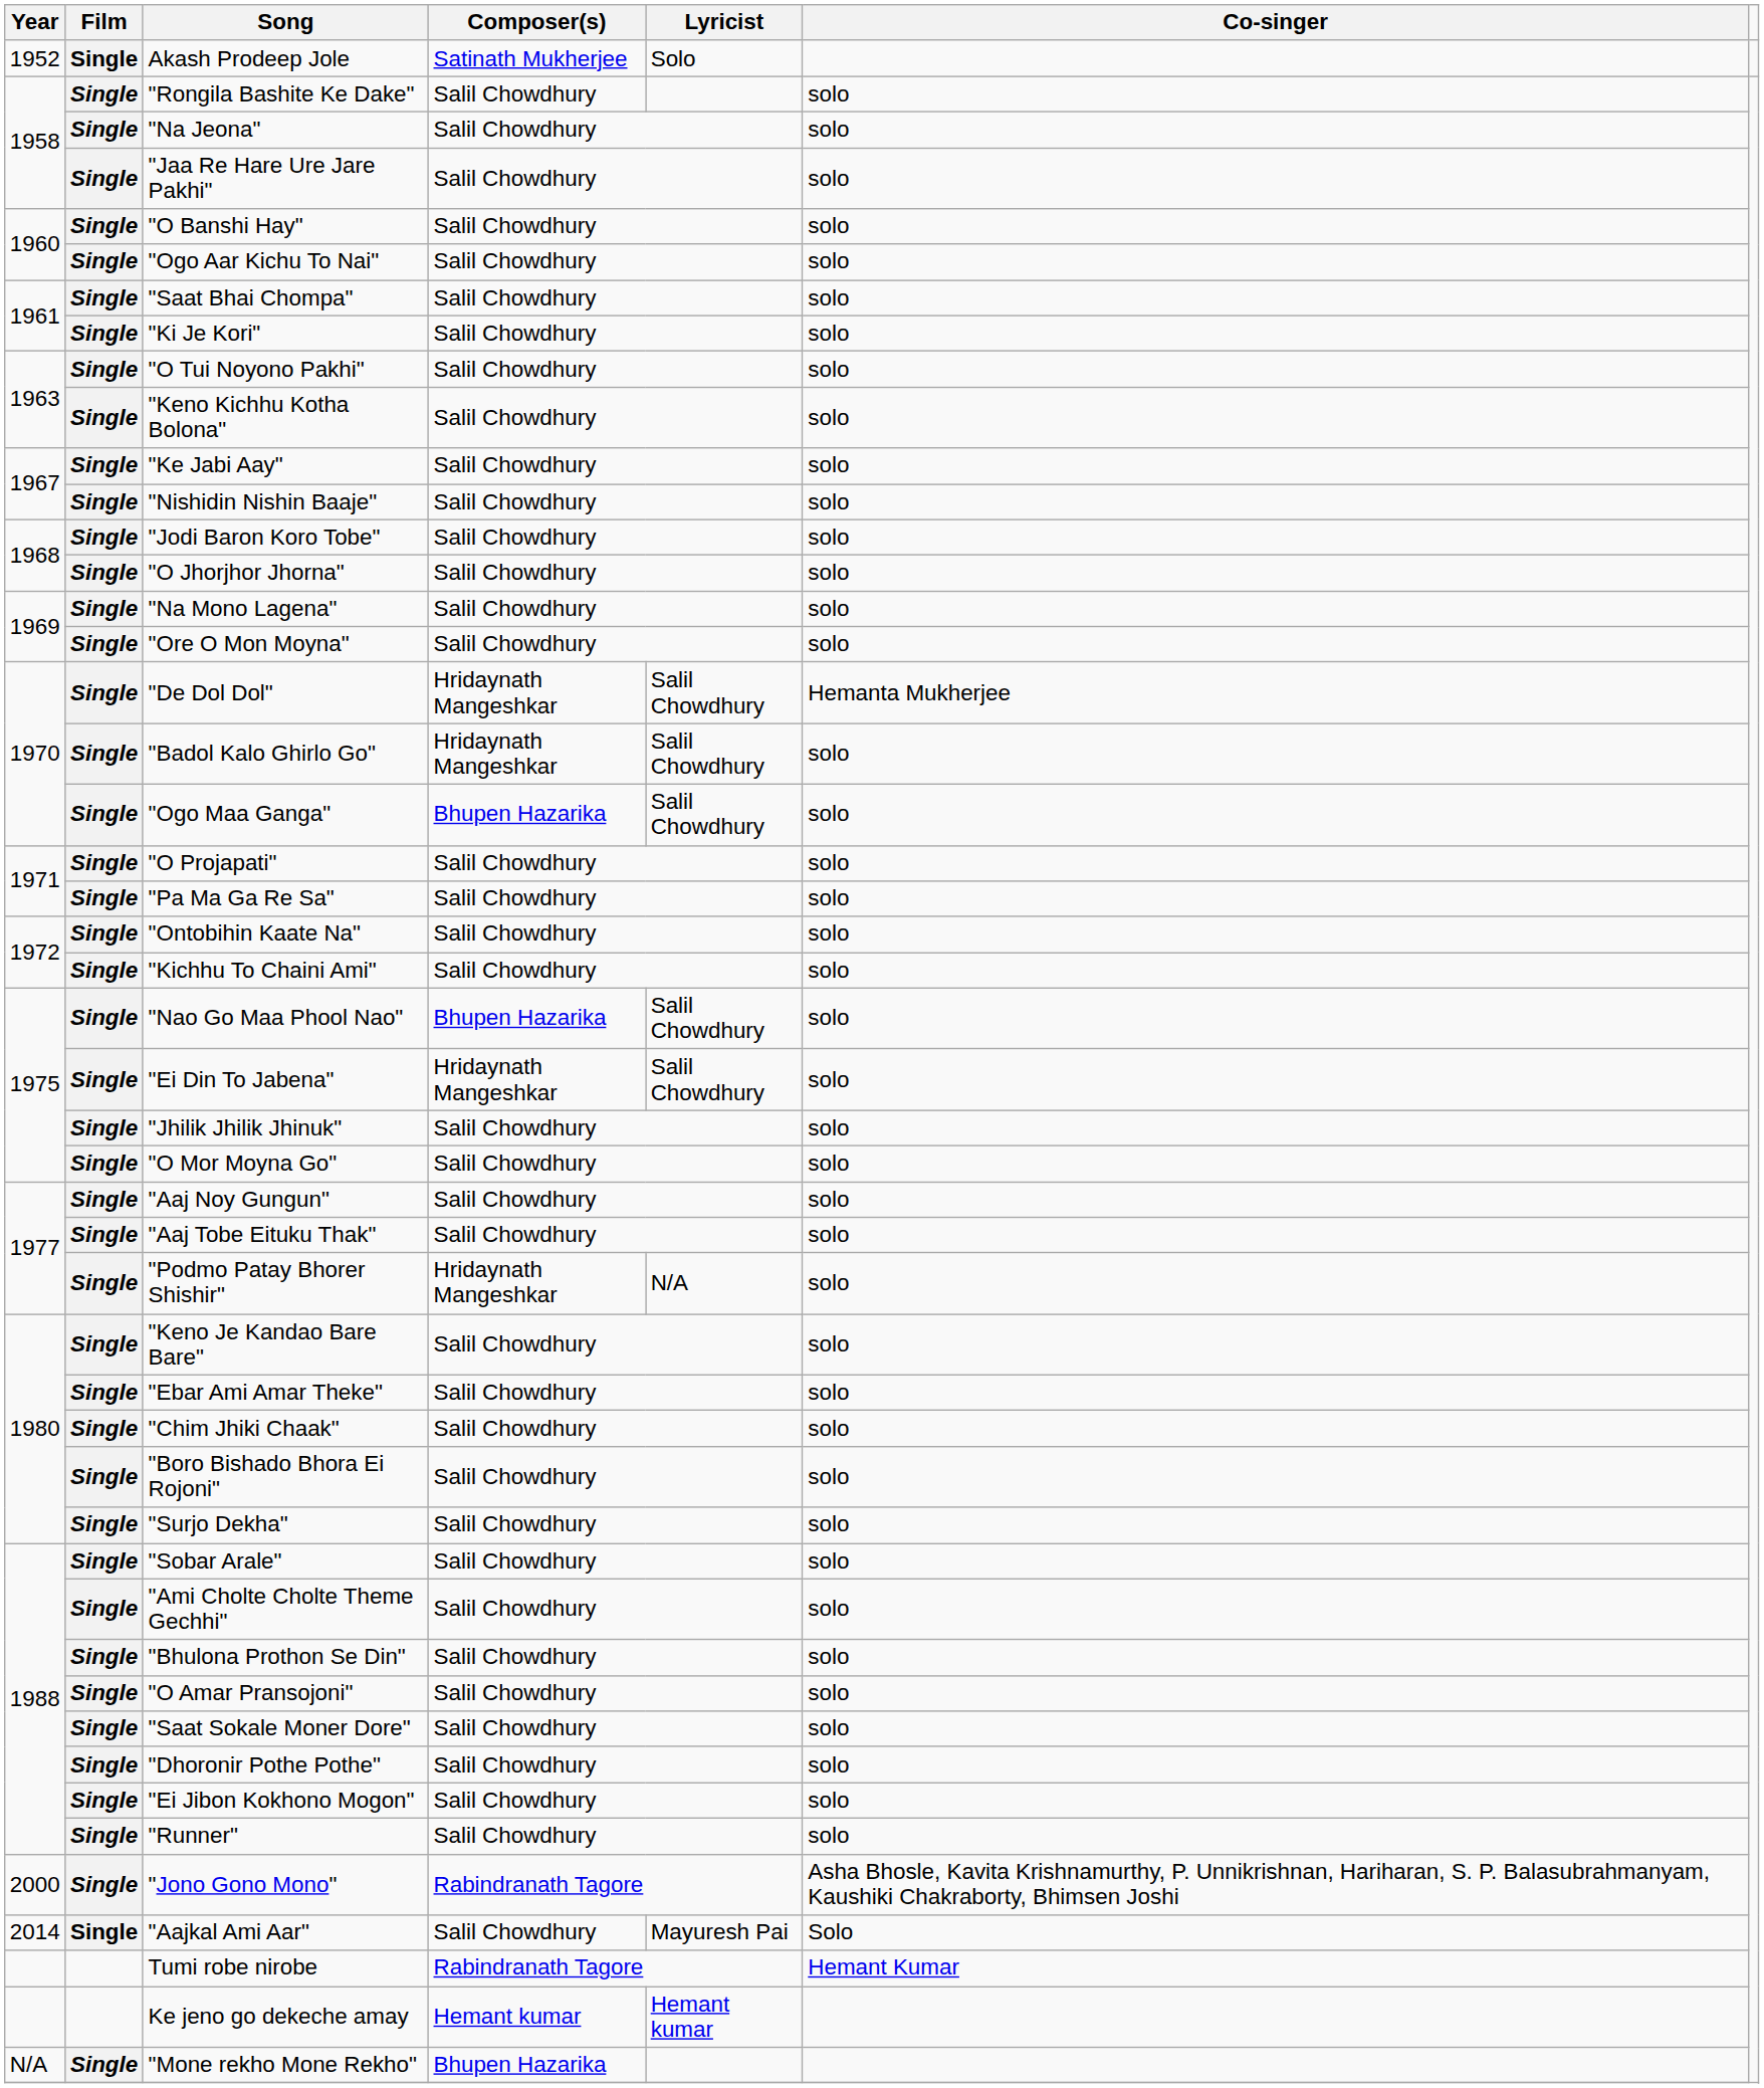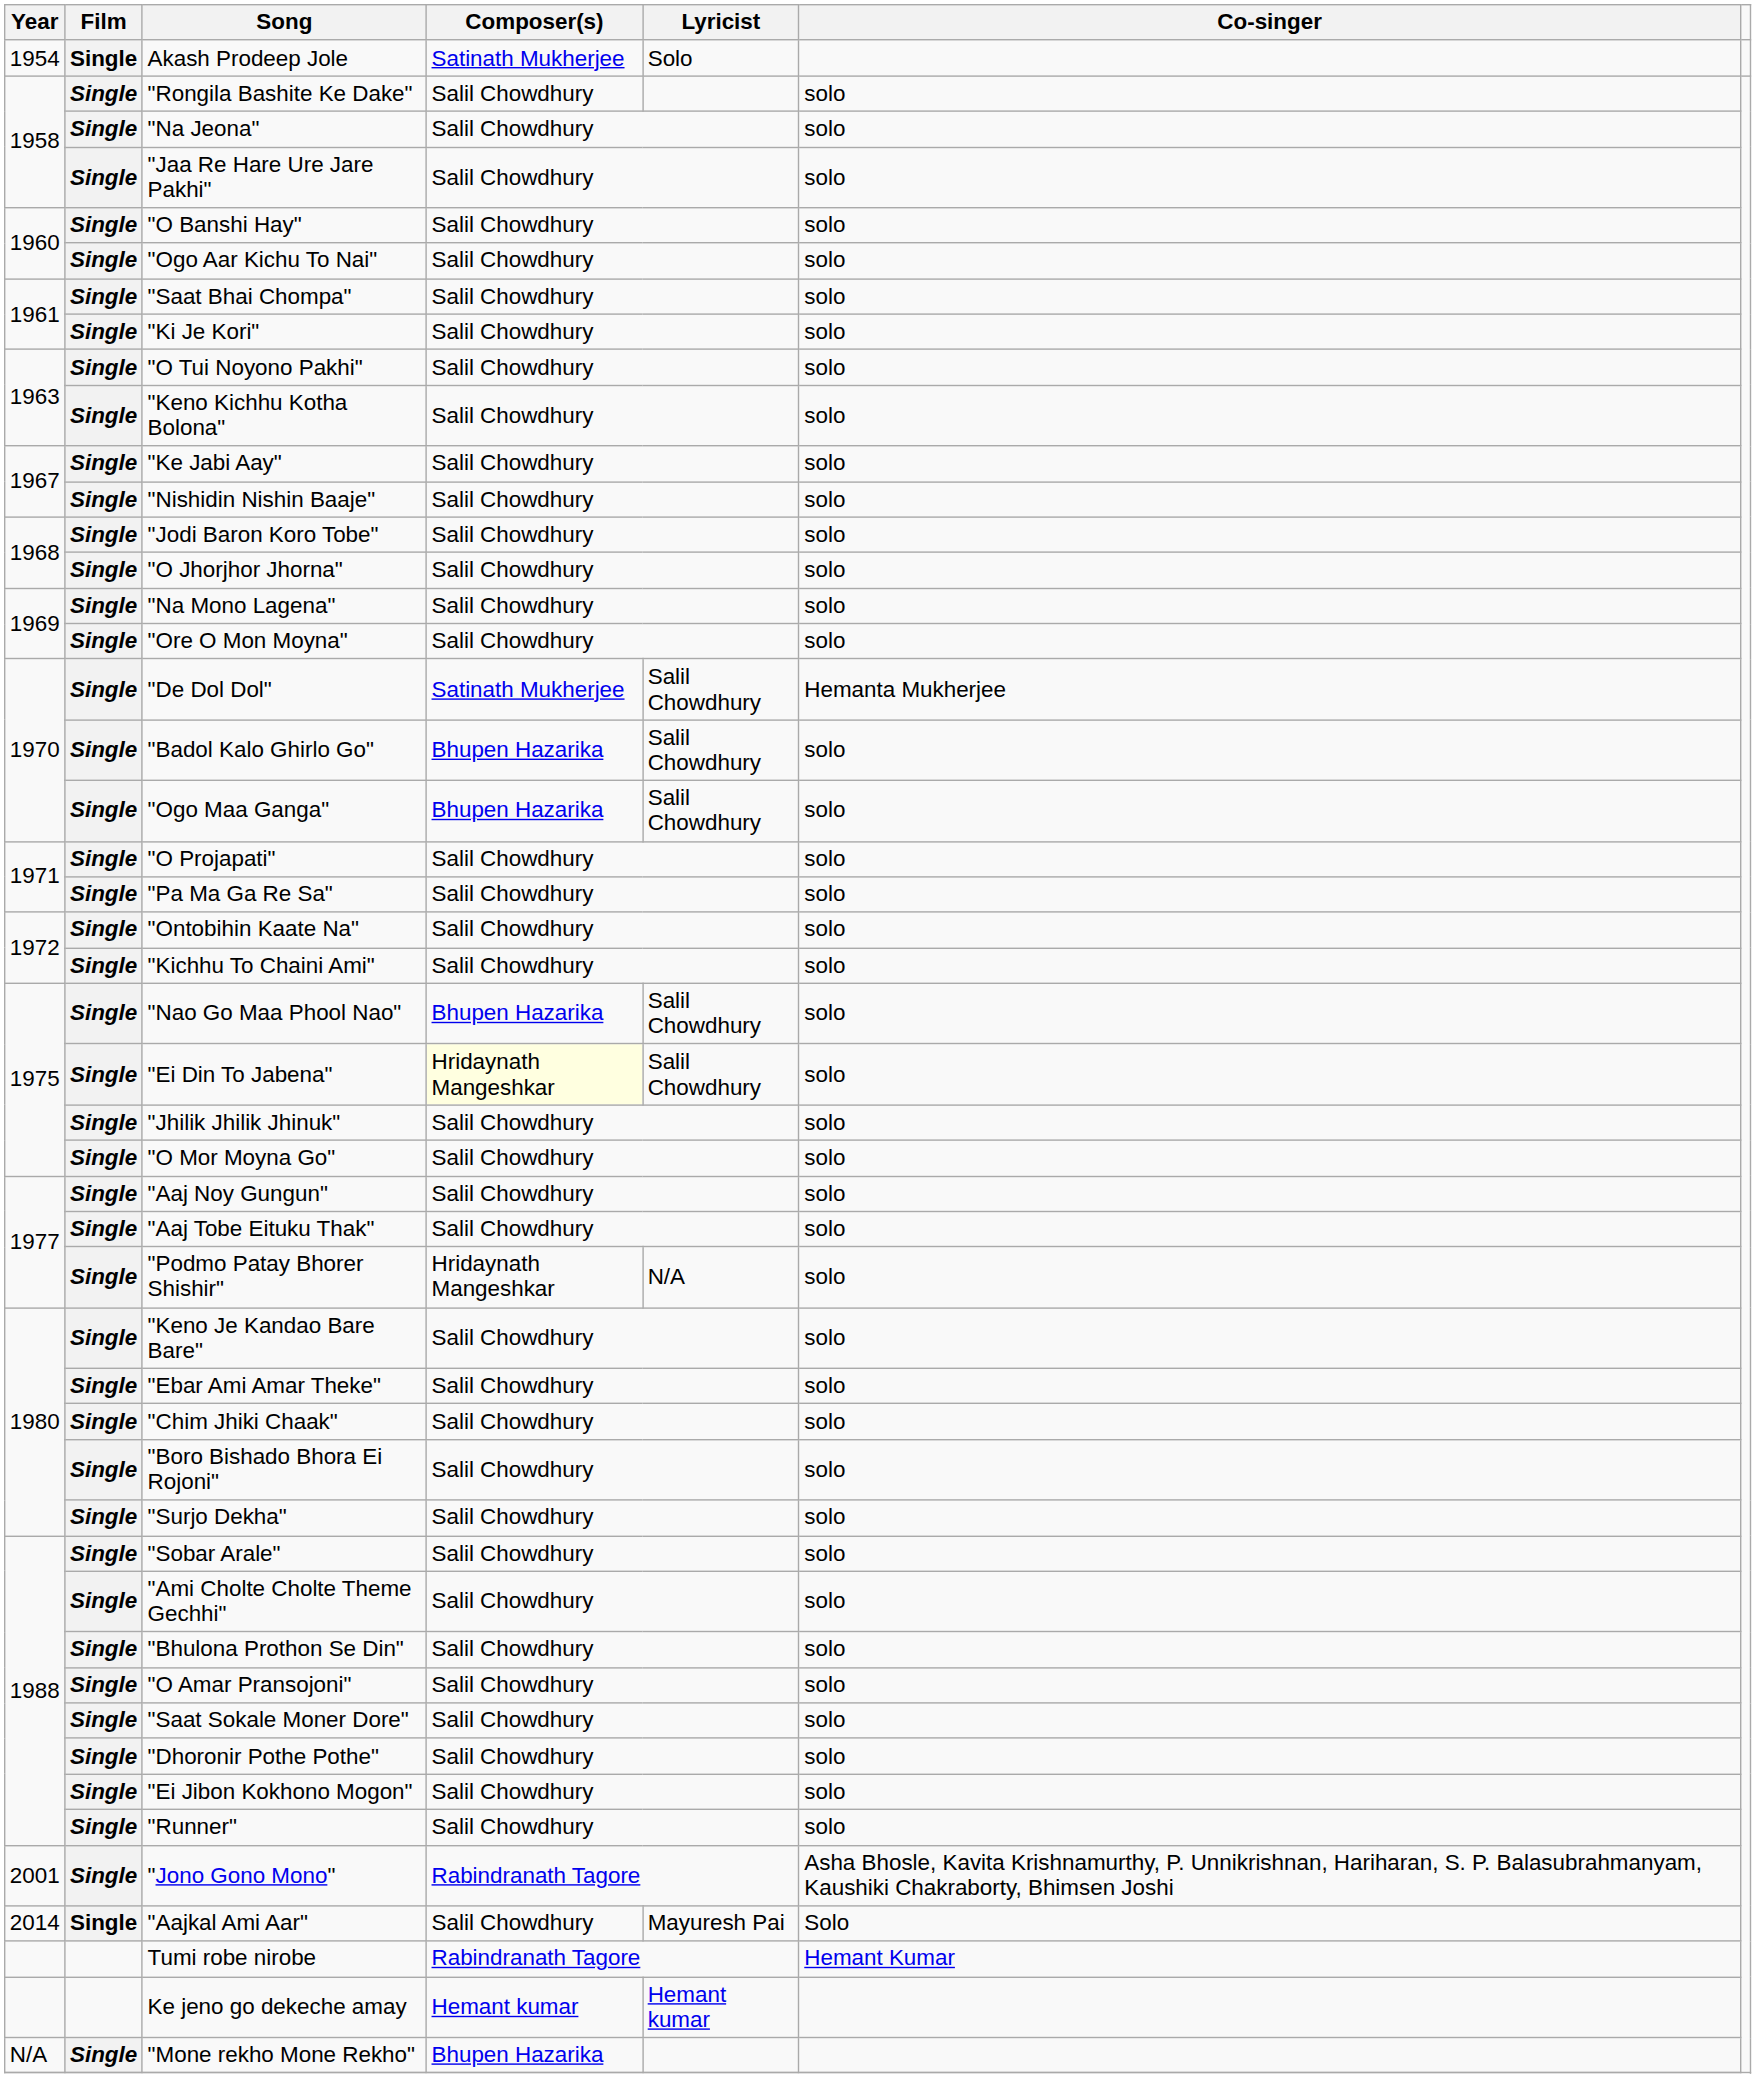 <table class="sortable wikitable">
 <tr>
 <th>Year</th>
 <th>Film</th>
 <th>Song</th>
 <th>Composer(s)</th>
 <th>Lyricist</th>
 <th>Co-singer</th>
 </tr>
 <tr>
-<td>1952</td>
+<td>1954</td>
 <th><strong>Single</strong></th>
 <td>Akash Prodeep Jole</td>
 <td><a href='#'>Satinath Mukherjee</a></td>
 <td>Solo</td>
 <td></td>
 <td></td>
 </tr>
 <tr>
 <td rowspan=3>1958</td>
 <th><em>Single</em></th>
 <td>"Rongila Bashite Ke Dake"</td>
 <td>Salil Chowdhury</td>
 <td></td>
 <td>solo</td>
 </tr>
 <tr>
 <th><em>Single</em></th>
 <td>"Na Jeona"</td>
 <td colspan=2>Salil Chowdhury</td>
 <td>solo</td>
 </tr>
 <tr>
 <th><em>Single</em></th>
 <td>"Jaa Re Hare Ure Jare Pakhi"</td>
 <td colspan=2>Salil Chowdhury</td>
 <td>solo</td>
 </tr>
 <tr>
 <td rowspan=2>1960</td>
 <th><em>Single</em></th>
 <td>"O Banshi Hay"</td>
 <td colspan=2>Salil Chowdhury</td>
 <td>solo</td>
 </tr>
 <tr>
 <th><em>Single</em></th>
 <td>"Ogo Aar Kichu To Nai"</td>
 <td colspan=2>Salil Chowdhury</td>
 <td>solo</td>
 </tr>
 <tr>
 <td rowspan=2>1961</td>
 <th><em>Single</em></th>
 <td>"Saat Bhai Chompa"</td>
 <td colspan=2>Salil Chowdhury</td>
 <td>solo</td>
 </tr>
 <tr>
 <th><em>Single</em></th>
 <td>"Ki Je Kori"</td>
 <td colspan=2>Salil Chowdhury</td>
 <td>solo</td>
 </tr>
 <tr>
 <td rowspan=2>1963</td>
 <th><em>Single</em></th>
 <td>"O Tui Noyono Pakhi"</td>
 <td colspan=2>Salil Chowdhury</td>
 <td>solo</td>
 </tr>
 <tr>
 <th><em>Single</em></th>
 <td>"Keno Kichhu Kotha Bolona"</td>
 <td colspan=2>Salil Chowdhury</td>
 <td>solo</td>
 </tr>
 <tr>
 <td rowspan=2>1967</td>
 <th><em>Single</em></th>
 <td>"Ke Jabi Aay"</td>
 <td colspan=2>Salil Chowdhury</td>
 <td>solo</td>
 </tr>
 <tr>
 <th><em>Single</em></th>
 <td>"Nishidin Nishin Baaje"</td>
 <td colspan=2>Salil Chowdhury</td>
 <td>solo</td>
 </tr>
 <tr>
 <td rowspan=2>1968</td>
 <th><em>Single</em></th>
 <td>"Jodi Baron Koro Tobe"</td>
 <td colspan=2>Salil Chowdhury</td>
 <td>solo</td>
 </tr>
 <tr>
 <th><em>Single</em></th>
 <td>"O Jhorjhor Jhorna"</td>
 <td colspan=2>Salil Chowdhury</td>
 <td>solo</td>
 </tr>
 <tr>
 <td rowspan=2>1969</td>
 <th><em>Single</em></th>
 <td>"Na Mono Lagena"</td>
 <td colspan=2>Salil Chowdhury</td>
 <td>solo</td>
 </tr>
 <tr>
 <th><em>Single</em></th>
 <td>"Ore O Mon Moyna"</td>
 <td colspan=2>Salil Chowdhury</td>
 <td>solo</td>
 </tr>
 <tr>
 <td rowspan=3>1970</td>
 <th><em>Single</em></th>
 <td>"De Dol Dol"</td>
-<td>Hridaynath Mangeshkar</td>
+<td><a href='#'>Satinath Mukherjee</a></td>
 <td>Salil Chowdhury</td>
 <td>Hemanta Mukherjee</td>
 </tr>
 <tr>
 <th><em>Single</em></th>
 <td>"Badol Kalo Ghirlo Go"</td>
-<td>Hridaynath Mangeshkar</td>
+<td><a href='#'>Bhupen Hazarika</a></td>
 <td>Salil Chowdhury</td>
 <td>solo</td>
 </tr>
 <tr>
 <th><em>Single</em></th>
 <td>"Ogo Maa Ganga"</td>
 <td><a href='#'>Bhupen Hazarika</a></td>
 <td>Salil Chowdhury</td>
 <td>solo</td>
 </tr>
 <tr>
 <td rowspan=2>1971</td>
 <th><em>Single</em></th>
 <td>"O Projapati"</td>
 <td colspan=2>Salil Chowdhury</td>
 <td>solo</td>
 </tr>
 <tr>
 <th><em>Single</em></th>
 <td>"Pa Ma Ga Re Sa"</td>
 <td colspan=2>Salil Chowdhury</td>
 <td>solo</td>
 </tr>
 <tr>
 <td rowspan=2>1972</td>
 <th><em>Single</em></th>
 <td>"Ontobihin Kaate Na"</td>
 <td colspan=2>Salil Chowdhury</td>
 <td>solo</td>
 </tr>
 <tr>
 <th><em>Single</em></th>
 <td>"Kichhu To Chaini Ami"</td>
 <td colspan=2>Salil Chowdhury</td>
 <td>solo</td>
 </tr>
 <tr>
 <td rowspan=4>1975</td>
 <th><em>Single</em></th>
 <td>"Nao Go Maa Phool Nao"</td>
 <td><a href='#'>Bhupen Hazarika</a></td>
 <td>Salil Chowdhury</td>
 <td>solo</td>
 </tr>
 <tr>
 <th><em>Single</em></th>
 <td>"Ei Din To Jabena"</td>
-<td>Hridaynath Mangeshkar</td>
+<td style="background: lightyellow;">Hridaynath Mangeshkar</td>
 <td>Salil Chowdhury</td>
 <td>solo</td>
 </tr>
 <tr>
 <th><em>Single</em></th>
 <td>"Jhilik Jhilik Jhinuk"</td>
 <td colspan=2>Salil Chowdhury</td>
 <td>solo</td>
 </tr>
 <tr>
 <th><em>Single</em></th>
 <td>"O Mor Moyna Go"</td>
 <td colspan=2>Salil Chowdhury</td>
 <td>solo</td>
 </tr>
 <tr>
 <td rowspan=3>1977</td>
 <th><em>Single</em></th>
 <td>"Aaj Noy Gungun"</td>
 <td colspan=2>Salil Chowdhury</td>
 <td>solo</td>
 </tr>
 <tr>
 <th><em>Single</em></th>
 <td>"Aaj Tobe Eituku Thak"</td>
 <td colspan=2>Salil Chowdhury</td>
 <td>solo</td>
 </tr>
 <tr>
 <th><em>Single</em></th>
 <td>"Podmo Patay Bhorer Shishir"</td>
 <td>Hridaynath Mangeshkar</td>
 <td>N/A</td>
 <td>solo</td>
 </tr>
 <tr>
 <td rowspan=5>1980</td>
 <th><em>Single</em></th>
 <td>"Keno Je Kandao Bare Bare"</td>
 <td colspan=2>Salil Chowdhury</td>
 <td>solo</td>
 </tr>
 <tr>
 <th><em>Single</em></th>
 <td>"Ebar Ami Amar Theke"</td>
 <td colspan=2>Salil Chowdhury</td>
 <td>solo</td>
 </tr>
 <tr>
 <th><em>Single</em></th>
 <td>"Chim Jhiki Chaak"</td>
 <td colspan=2>Salil Chowdhury</td>
 <td>solo</td>
 </tr>
 <tr>
 <th><em>Single</em></th>
 <td>"Boro Bishado Bhora Ei Rojoni"</td>
 <td colspan=2>Salil Chowdhury</td>
 <td>solo</td>
 </tr>
 <tr>
 <th><em>Single</em></th>
 <td>"Surjo Dekha"</td>
 <td colspan=2>Salil Chowdhury</td>
 <td>solo</td>
 </tr>
 <tr>
 <td rowspan=8>1988</td>
 <th><em>Single</em></th>
 <td>"Sobar Arale"</td>
 <td colspan=2>Salil Chowdhury</td>
 <td>solo</td>
 </tr>
 <tr>
 <th><em>Single</em></th>
 <td>"Ami Cholte Cholte Theme Gechhi"</td>
 <td colspan=2>Salil Chowdhury</td>
 <td>solo</td>
 </tr>
 <tr>
 <th><em>Single</em></th>
 <td>"Bhulona Prothon Se Din"</td>
 <td colspan=2>Salil Chowdhury</td>
 <td>solo</td>
 </tr>
 <tr>
 <th><em>Single</em></th>
 <td>"O Amar Pransojoni"</td>
 <td colspan=2>Salil Chowdhury</td>
 <td>solo</td>
 </tr>
 <tr>
 <th><em>Single</em></th>
 <td>"Saat Sokale Moner Dore"</td>
 <td colspan=2>Salil Chowdhury</td>
 <td>solo</td>
 </tr>
 <tr>
 <th><em>Single</em></th>
 <td>"Dhoronir Pothe Pothe"</td>
 <td colspan=2>Salil Chowdhury</td>
 <td>solo</td>
 </tr>
 <tr>
 <th><em>Single</em></th>
 <td>"Ei Jibon Kokhono Mogon"</td>
 <td colspan=2>Salil Chowdhury</td>
 <td>solo</td>
 </tr>
 <tr>
 <th><em>Single</em></th>
 <td>"Runner"</td>
 <td colspan=2>Salil Chowdhury</td>
 <td>solo</td>
 </tr>
 <tr>
-<td>2000</td>
+<td>2001</td>
 <th><em>Single</em></th>
 <td>"<a href='#'>Jono Gono Mono</a>"</td>
 <td colspan=2><a href='#'>Rabindranath Tagore</a></td>
 <td>Asha Bhosle, Kavita Krishnamurthy, P. Unnikrishnan, Hariharan, S. P. Balasubrahmanyam, Kaushiki Chakraborty, Bhimsen Joshi</td>
 </tr>
 <tr>
 <td>2014</td>
 <th><strong>Single</strong></th>
 <td>"Aajkal Ami Aar"</td>
 <td>Salil Chowdhury</td>
 <td>Mayuresh Pai</td>
 <td>Solo</td>
 </tr>
 <tr>
 <td></td>
 <td></td>
 <td>Tumi robe nirobe</td>
 <td colspan=2><a href='#'>Rabindranath Tagore</a></td>
 <td><a href='#'>Hemant Kumar</a></td>
 </tr>
 <tr>
 <td></td>
 <td></td>
 <td>Ke jeno go dekeche amay</td>
 <td><a href='#'>Hemant kumar</a></td>
 <td><a href='#'>Hemant kumar</a></td>
 <td></td>
 </tr>
 <tr>
 <td>N/A</td>
 <th><em>Single</em></th>
 <td>"Mone rekho Mone Rekho"</td>
 <td><a href='#'>Bhupen Hazarika</a></td>
 <td></td>
 <td></td>
 </tr>
 <tr>
 </tr>
 </table>
